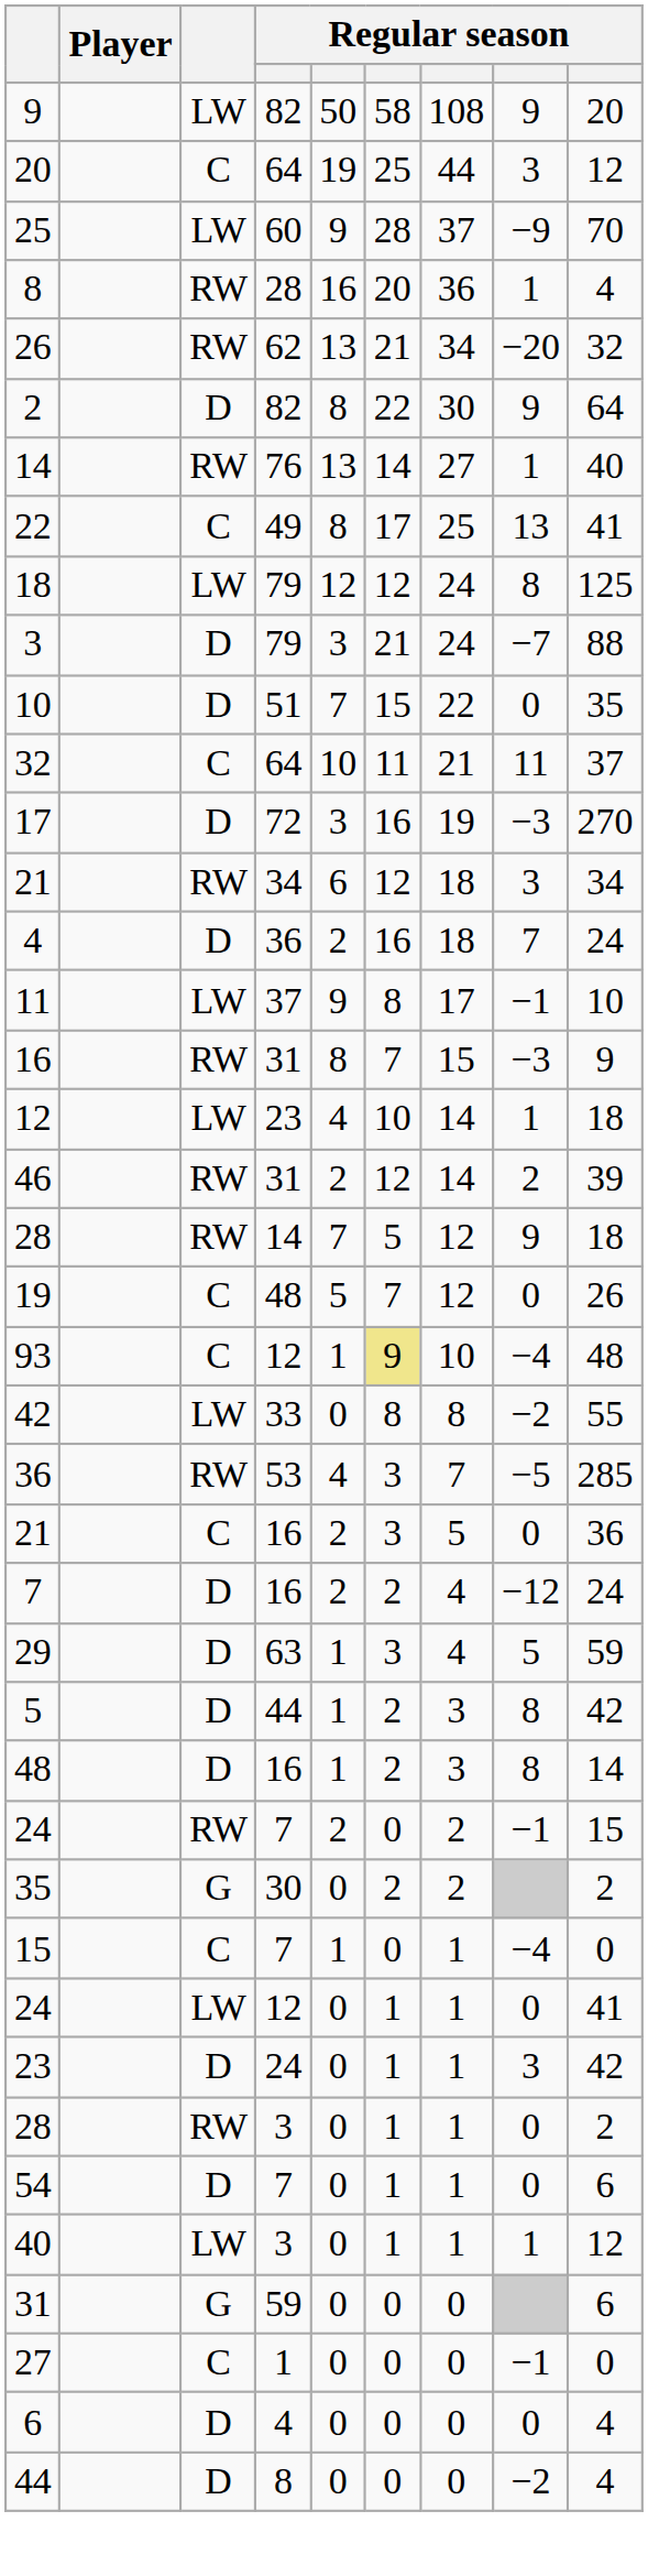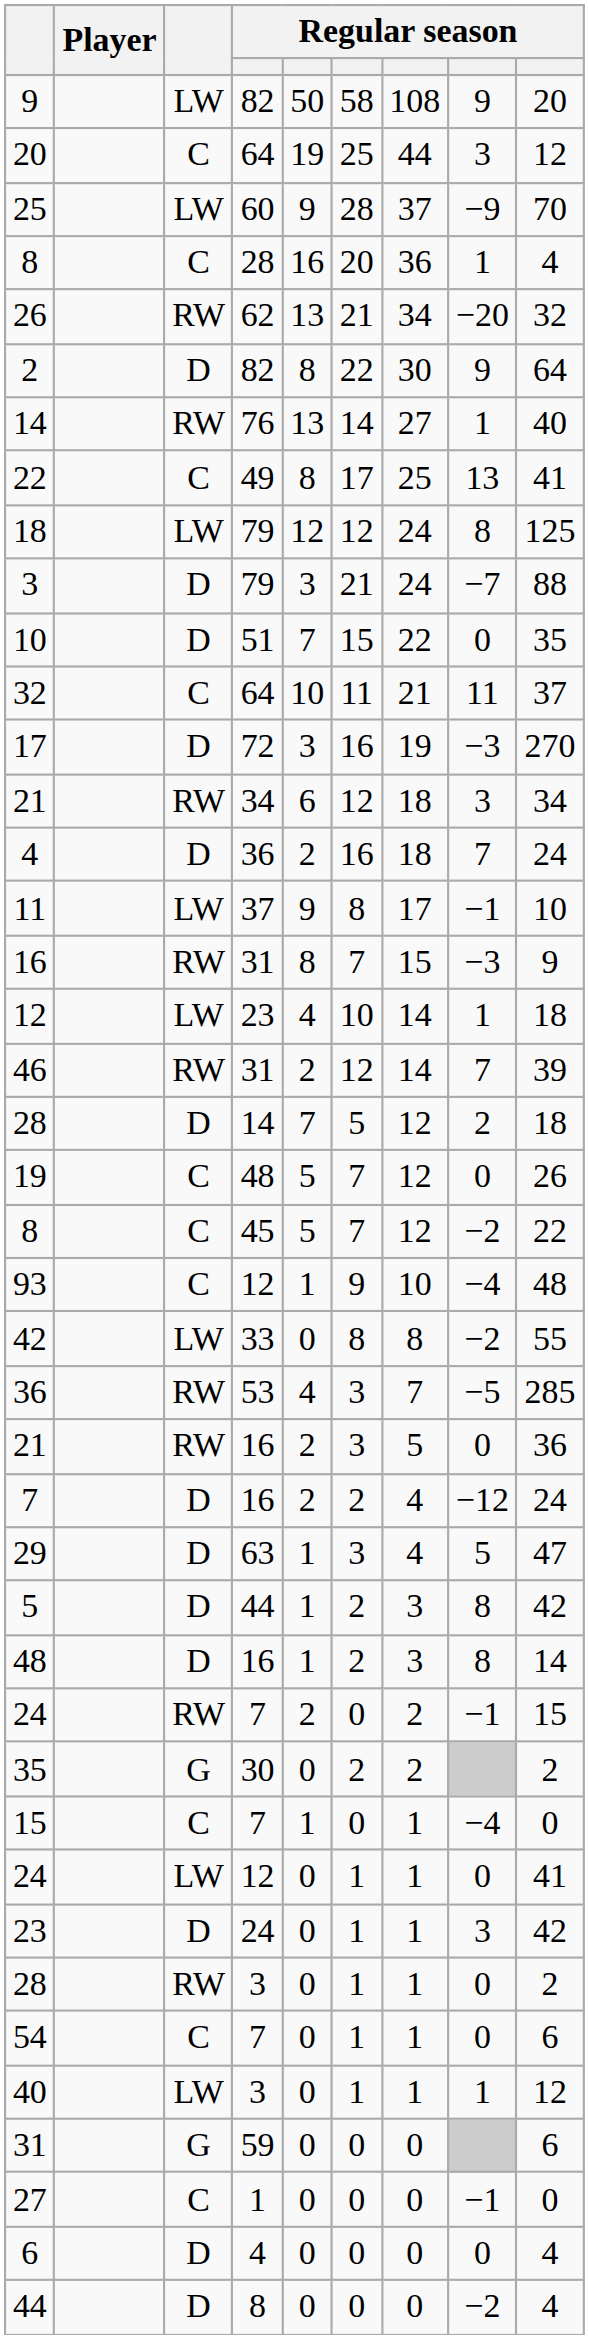 <table class="wikitable sortable plainrowheaders" style="text-align:center;">
 <tr>
 <th scope="col" data-sort-type="number" rowspan="2"></th>
 <th scope="col" rowspan="2">Player</th>
 <th scope="col" rowspan="2"></th>
 <th scope=colgroup colspan=6>Regular season</th>
 </tr>
 <tr>
 <th scope="col" data-sort-type="number"></th>
 <th scope="col" data-sort-type="number"></th>
 <th scope="col" data-sort-type="number"></th>
 <th scope="col" data-sort-type="number"></th>
 <th scope="col" data-sort-type="number"></th>
 <th scope="col" data-sort-type="number"></th>
 </tr>
 <tr>
 <td scope="row">9</td>
 <td align="left"></td>
 <td>LW</td>
 <td>82</td>
 <td>50</td>
 <td>58</td>
 <td>108</td>
 <td>9</td>
 <td>20</td>
 </tr>
 <tr>
 <td scope="row">20</td>
 <td align="left"></td>
 <td>C</td>
 <td>64</td>
 <td>19</td>
 <td>25</td>
 <td>44</td>
 <td>3</td>
 <td>12</td>
 </tr>
 <tr>
 <td scope="row">25</td>
 <td align="left"></td>
 <td>LW</td>
 <td>60</td>
 <td>9</td>
 <td>28</td>
 <td>37</td>
 <td>−9</td>
 <td>70</td>
 </tr>
 <tr>
 <td scope="row">8</td>
 <td align="left"></td>
-<td>RW</td>
+<td>C</td>
 <td>28</td>
 <td>16</td>
 <td>20</td>
 <td>36</td>
 <td>1</td>
 <td>4</td>
 </tr>
 <tr>
 <td scope="row">26</td>
 <td align="left"></td>
 <td>RW</td>
 <td>62</td>
 <td>13</td>
 <td>21</td>
 <td>34</td>
 <td>−20</td>
 <td>32</td>
 </tr>
 <tr>
 <td scope="row">2</td>
 <td align="left"></td>
 <td>D</td>
 <td>82</td>
 <td>8</td>
 <td>22</td>
 <td>30</td>
 <td>9</td>
 <td>64</td>
 </tr>
 <tr>
 <td scope="row">14</td>
 <td align="left"></td>
 <td>RW</td>
 <td>76</td>
 <td>13</td>
 <td>14</td>
 <td>27</td>
 <td>1</td>
 <td>40</td>
 </tr>
 <tr>
 <td scope="row">22</td>
 <td align="left"></td>
 <td>C</td>
 <td>49</td>
 <td>8</td>
 <td>17</td>
 <td>25</td>
 <td>13</td>
 <td>41</td>
 </tr>
 <tr>
 <td scope="row">18</td>
 <td align="left"></td>
 <td>LW</td>
 <td>79</td>
 <td>12</td>
 <td>12</td>
 <td>24</td>
 <td>8</td>
 <td>125</td>
 </tr>
 <tr>
 <td scope="row">3</td>
 <td align="left"></td>
 <td>D</td>
 <td>79</td>
 <td>3</td>
 <td>21</td>
 <td>24</td>
 <td>−7</td>
 <td>88</td>
 </tr>
 <tr>
 <td scope="row">10</td>
 <td align="left"></td>
 <td>D</td>
 <td>51</td>
 <td>7</td>
 <td>15</td>
 <td>22</td>
 <td>0</td>
 <td>35</td>
 </tr>
 <tr>
 <td scope="row">32</td>
 <td align="left"></td>
 <td>C</td>
 <td>64</td>
 <td>10</td>
 <td>11</td>
 <td>21</td>
 <td>11</td>
 <td>37</td>
 </tr>
 <tr>
 <td scope="row">17</td>
 <td align="left"></td>
 <td>D</td>
 <td>72</td>
 <td>3</td>
 <td>16</td>
 <td>19</td>
 <td>−3</td>
 <td>270</td>
 </tr>
 <tr>
 <td scope="row">21</td>
 <td align="left"></td>
 <td>RW</td>
 <td>34</td>
 <td>6</td>
 <td>12</td>
 <td>18</td>
 <td>3</td>
 <td>34</td>
 </tr>
 <tr>
 <td scope="row">4</td>
 <td align="left"></td>
 <td>D</td>
 <td>36</td>
 <td>2</td>
 <td>16</td>
 <td>18</td>
 <td>7</td>
 <td>24</td>
 </tr>
 <tr>
 <td scope="row">11</td>
 <td align="left"></td>
 <td>LW</td>
 <td>37</td>
 <td>9</td>
 <td>8</td>
 <td>17</td>
 <td>−1</td>
 <td>10</td>
 </tr>
 <tr>
 <td scope="row">16</td>
 <td align="left"></td>
 <td>RW</td>
 <td>31</td>
 <td>8</td>
 <td>7</td>
 <td>15</td>
 <td>−3</td>
 <td>9</td>
 </tr>
 <tr>
 <td scope="row">12</td>
 <td align="left"></td>
 <td>LW</td>
 <td>23</td>
 <td>4</td>
 <td>10</td>
 <td>14</td>
 <td>1</td>
 <td>18</td>
 </tr>
 <tr>
 <td scope="row">46</td>
 <td align="left"></td>
 <td>RW</td>
 <td>31</td>
 <td>2</td>
 <td>12</td>
 <td>14</td>
-<td>2</td>
+<td>7</td>
 <td>39</td>
 </tr>
 <tr>
 <td scope="row">28</td>
 <td align="left"></td>
-<td>RW</td>
+<td>D</td>
 <td>14</td>
 <td>7</td>
 <td>5</td>
 <td>12</td>
-<td>9</td>
+<td>2</td>
 <td>18</td>
 </tr>
 <tr>
 <td scope="row">19</td>
 <td align="left"></td>
 <td>C</td>
 <td>48</td>
 <td>5</td>
 <td>7</td>
 <td>12</td>
 <td>0</td>
 <td>26</td>
 </tr>
 <tr>
+<td scope="row">8</td>
+<td align="left"></td>
+<td>C</td>
+<td>45</td>
+<td>5</td>
+<td>7</td>
+<td>12</td>
+<td>−2</td>
+<td>22</td>
+</tr>
+<tr>
 <td scope="row">93</td>
 <td align="left"></td>
 <td>C</td>
 <td>12</td>
 <td>1</td>
-<td style="background: khaki;">9</td>
+<td>9</td>
 <td>10</td>
 <td>−4</td>
 <td>48</td>
 </tr>
 <tr>
 <td scope="row">42</td>
 <td align="left"></td>
 <td>LW</td>
 <td>33</td>
 <td>0</td>
 <td>8</td>
 <td>8</td>
 <td>−2</td>
 <td>55</td>
 </tr>
 <tr>
 <td scope="row">36</td>
 <td align="left"></td>
 <td>RW</td>
 <td>53</td>
 <td>4</td>
 <td>3</td>
 <td>7</td>
 <td>−5</td>
 <td>285</td>
 </tr>
 <tr>
 <td scope="row">21</td>
 <td align="left"></td>
-<td>C</td>
+<td>RW</td>
 <td>16</td>
 <td>2</td>
 <td>3</td>
 <td>5</td>
 <td>0</td>
 <td>36</td>
 </tr>
 <tr>
 <td scope="row">7</td>
 <td align="left"></td>
 <td>D</td>
 <td>16</td>
 <td>2</td>
 <td>2</td>
 <td>4</td>
 <td>−12</td>
 <td>24</td>
 </tr>
 <tr>
 <td scope="row">29</td>
 <td align="left"></td>
 <td>D</td>
 <td>63</td>
 <td>1</td>
 <td>3</td>
 <td>4</td>
 <td>5</td>
-<td>59</td>
+<td>47</td>
 </tr>
 <tr>
 <td scope="row">5</td>
 <td align="left"></td>
 <td>D</td>
 <td>44</td>
 <td>1</td>
 <td>2</td>
 <td>3</td>
 <td>8</td>
 <td>42</td>
 </tr>
 <tr>
 <td scope="row">48</td>
 <td align="left"></td>
 <td>D</td>
 <td>16</td>
 <td>1</td>
 <td>2</td>
 <td>3</td>
 <td>8</td>
 <td>14</td>
 </tr>
 <tr>
 <td scope="row">24</td>
 <td align="left"></td>
 <td>RW</td>
 <td>7</td>
 <td>2</td>
 <td>0</td>
 <td>2</td>
 <td>−1</td>
 <td>15</td>
 </tr>
 <tr>
 <td scope="row">35</td>
 <td align="left"></td>
 <td>G</td>
 <td>30</td>
 <td>0</td>
 <td>2</td>
 <td>2</td>
 <td style="background:#ccc"></td>
 <td>2</td>
 </tr>
 <tr>
 <td scope="row">15</td>
 <td align="left"></td>
 <td>C</td>
 <td>7</td>
 <td>1</td>
 <td>0</td>
 <td>1</td>
 <td>−4</td>
 <td>0</td>
 </tr>
 <tr>
 <td scope="row">24</td>
 <td align="left"></td>
 <td>LW</td>
 <td>12</td>
 <td>0</td>
 <td>1</td>
 <td>1</td>
 <td>0</td>
 <td>41</td>
 </tr>
 <tr>
 <td scope="row">23</td>
 <td align="left"></td>
 <td>D</td>
 <td>24</td>
 <td>0</td>
 <td>1</td>
 <td>1</td>
 <td>3</td>
 <td>42</td>
 </tr>
 <tr>
 <td scope="row">28</td>
 <td align="left"></td>
 <td>RW</td>
 <td>3</td>
 <td>0</td>
 <td>1</td>
 <td>1</td>
 <td>0</td>
 <td>2</td>
 </tr>
 <tr>
 <td scope="row">54</td>
 <td align="left"></td>
-<td>D</td>
+<td>C</td>
 <td>7</td>
 <td>0</td>
 <td>1</td>
 <td>1</td>
 <td>0</td>
 <td>6</td>
 </tr>
 <tr>
 <td scope="row">40</td>
 <td align="left"></td>
 <td>LW</td>
 <td>3</td>
 <td>0</td>
 <td>1</td>
 <td>1</td>
 <td>1</td>
 <td>12</td>
 </tr>
 <tr>
 <td scope="row">31</td>
 <td align="left"></td>
 <td>G</td>
 <td>59</td>
 <td>0</td>
 <td>0</td>
 <td>0</td>
 <td style="background:#ccc"></td>
 <td>6</td>
 </tr>
 <tr>
 <td scope="row">27</td>
 <td align="left"></td>
 <td>C</td>
 <td>1</td>
 <td>0</td>
 <td>0</td>
 <td>0</td>
 <td>−1</td>
 <td>0</td>
 </tr>
 <tr>
 <td scope="row">6</td>
 <td align="left"></td>
 <td>D</td>
 <td>4</td>
 <td>0</td>
 <td>0</td>
 <td>0</td>
 <td>0</td>
 <td>4</td>
 </tr>
 <tr>
 <td scope="row">44</td>
 <td align="left"></td>
 <td>D</td>
 <td>8</td>
 <td>0</td>
 <td>0</td>
 <td>0</td>
 <td>−2</td>
 <td>4</td>
 </tr>
 </table>
